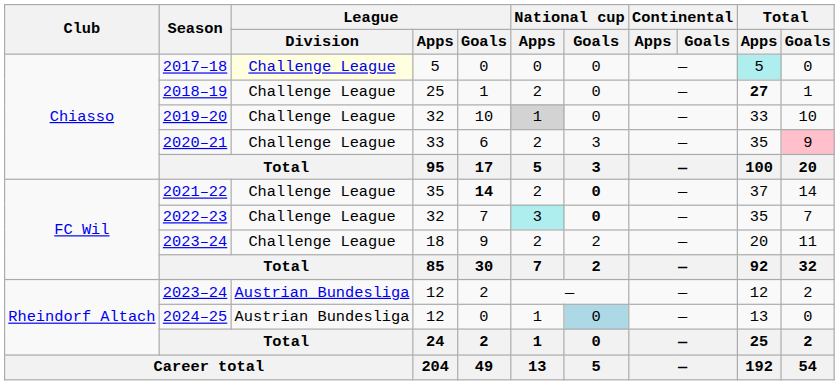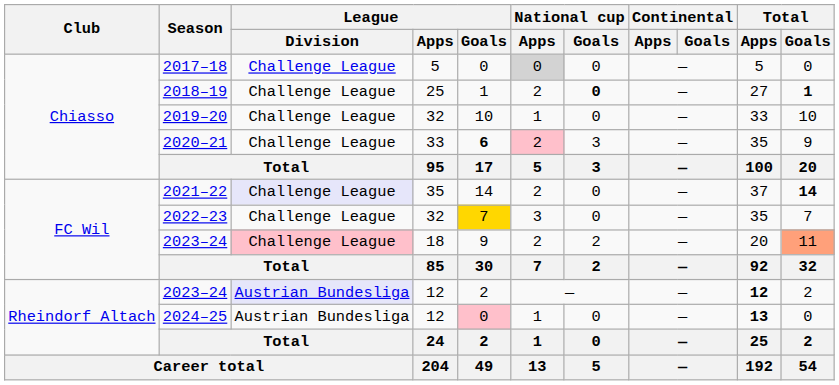 <table class="wikitable" style="text-align: center">
 <tr>
 <th rowspan="2">Club</th>
 <th rowspan="2">Season</th>
 <th colspan="3">League</th>
 <th colspan="2">National cup</th>
 <th colspan="2">Continental</th>
 <th colspan="2">Total</th>
 </tr>
 <tr>
 <th>Division</th>
 <th>Apps</th>
 <th>Goals</th>
 <th>Apps</th>
 <th>Goals</th>
 <th>Apps</th>
 <th>Goals</th>
 <th>Apps</th>
 <th>Goals</th>
 </tr>
 <tr>
 <td rowspan="5"><a href='#'>Chiasso</a></td>
 <td><a href='#'>2017–18</a></td>
-<td style="background: lightyellow;"><a href='#'>Challenge League</a></td>
+<td><a href='#'>Challenge League</a></td>
 <td>5</td>
 <td>0</td>
-<td>0</td>
+<td style="background: lightgrey;">0</td>
 <td>0</td>
 <td colspan="2">—</td>
-<td style="background: paleturquoise;">5</td>
+<td>5</td>
 <td>0</td>
 </tr>
 <tr>
 <td><a href='#'>2018–19</a></td>
 <td>Challenge League</td>
 <td>25</td>
 <td>1</td>
 <td>2</td>
-<td>0</td>
+<td><strong>0</strong></td>
 <td colspan="2">—</td>
-<td><strong>27</strong></td>
-<td>1</td>
+<td>27</td>
+<td><strong>1</strong></td>
 </tr>
 <tr>
 <td><a href='#'>2019–20</a></td>
 <td>Challenge League</td>
 <td>32</td>
 <td>10</td>
-<td style="background: lightgrey;">1</td>
+<td>1</td>
 <td>0</td>
 <td colspan="2">—</td>
 <td>33</td>
 <td>10</td>
 </tr>
 <tr>
 <td><a href='#'>2020–21</a></td>
 <td>Challenge League</td>
 <td>33</td>
-<td>6</td>
-<td>2</td>
+<td><strong>6</strong></td>
+<td style="background: pink;">2</td>
 <td>3</td>
 <td colspan="2">—</td>
 <td>35</td>
-<td style="background: pink;">9</td>
+<td>9</td>
 </tr>
 <tr>
 <th colspan="2">Total</th>
 <th>95</th>
 <th>17</th>
 <th>5</th>
 <th>3</th>
 <th colspan="2">—</th>
 <th>100</th>
 <th>20</th>
 </tr>
 <tr>
 <td rowspan="4"><a href='#'>FC Wil</a></td>
 <td><a href='#'>2021–22</a></td>
-<td>Challenge League</td>
+<td style="background: lavender;">Challenge League</td>
 <td>35</td>
-<td><strong>14</strong></td>
+<td>14</td>
 <td>2</td>
-<td><strong>0</strong></td>
+<td>0</td>
 <td colspan="2">—</td>
 <td>37</td>
-<td>14</td>
+<td><strong>14</strong></td>
 </tr>
 <tr>
 <td><a href='#'>2022–23</a></td>
 <td>Challenge League</td>
 <td>32</td>
-<td>7</td>
-<td style="background: paleturquoise;">3</td>
-<td><strong>0</strong></td>
+<td style="background: gold;">7</td>
+<td>3</td>
+<td>0</td>
 <td colspan="2">—</td>
 <td>35</td>
 <td>7</td>
 </tr>
 <tr>
 <td><a href='#'>2023–24</a></td>
-<td>Challenge League</td>
+<td style="background: pink;">Challenge League</td>
 <td>18</td>
 <td>9</td>
 <td>2</td>
 <td>2</td>
 <td colspan="2">—</td>
 <td>20</td>
-<td>11</td>
+<td style="background: lightsalmon;">11</td>
 </tr>
 <tr>
 <th colspan="2">Total</th>
 <th>85</th>
 <th>30</th>
 <th>7</th>
 <th>2</th>
 <th colspan="2">—</th>
 <th>92</th>
 <th>32</th>
 </tr>
 <tr>
 <td rowspan="3"><a href='#'>Rheindorf Altach</a></td>
 <td><a href='#'>2023–24</a></td>
-<td><a href='#'>Austrian Bundesliga</a></td>
+<td style="background: lavender;"><a href='#'>Austrian Bundesliga</a></td>
 <td>12</td>
 <td>2</td>
 <td colspan="2">—</td>
 <td colspan="2">—</td>
-<td>12</td>
+<td><strong>12</strong></td>
 <td>2</td>
 </tr>
 <tr>
 <td><a href='#'>2024–25</a></td>
 <td>Austrian Bundesliga</td>
 <td>12</td>
+<td style="background: pink;">0</td>
+<td>1</td>
 <td>0</td>
-<td>1</td>
-<td style="background: lightblue;">0</td>
 <td colspan="2">—</td>
-<td>13</td>
+<td><strong>13</strong></td>
 <td>0</td>
 </tr>
 <tr>
 <th colspan="2">Total</th>
 <th>24</th>
 <th>2</th>
 <th>1</th>
 <th>0</th>
 <th colspan="2">—</th>
 <th>25</th>
 <th>2</th>
 </tr>
 <tr>
 <th colspan="3">Career total</th>
 <th>204</th>
 <th>49</th>
 <th>13</th>
 <th>5</th>
 <th colspan="2">—</th>
 <th>192</th>
 <th>54</th>
 </tr>
 </table>
